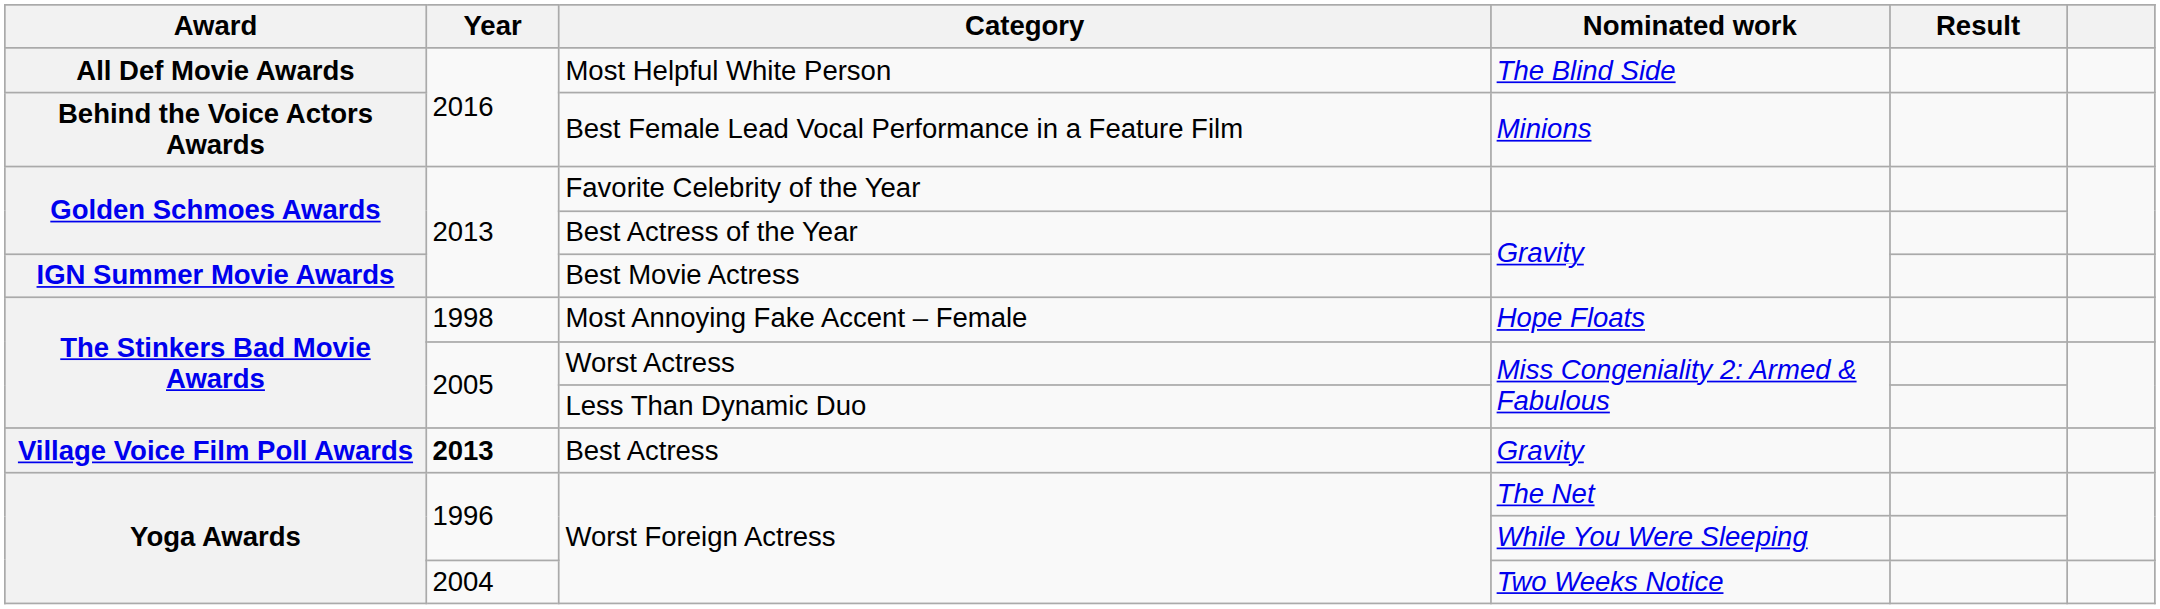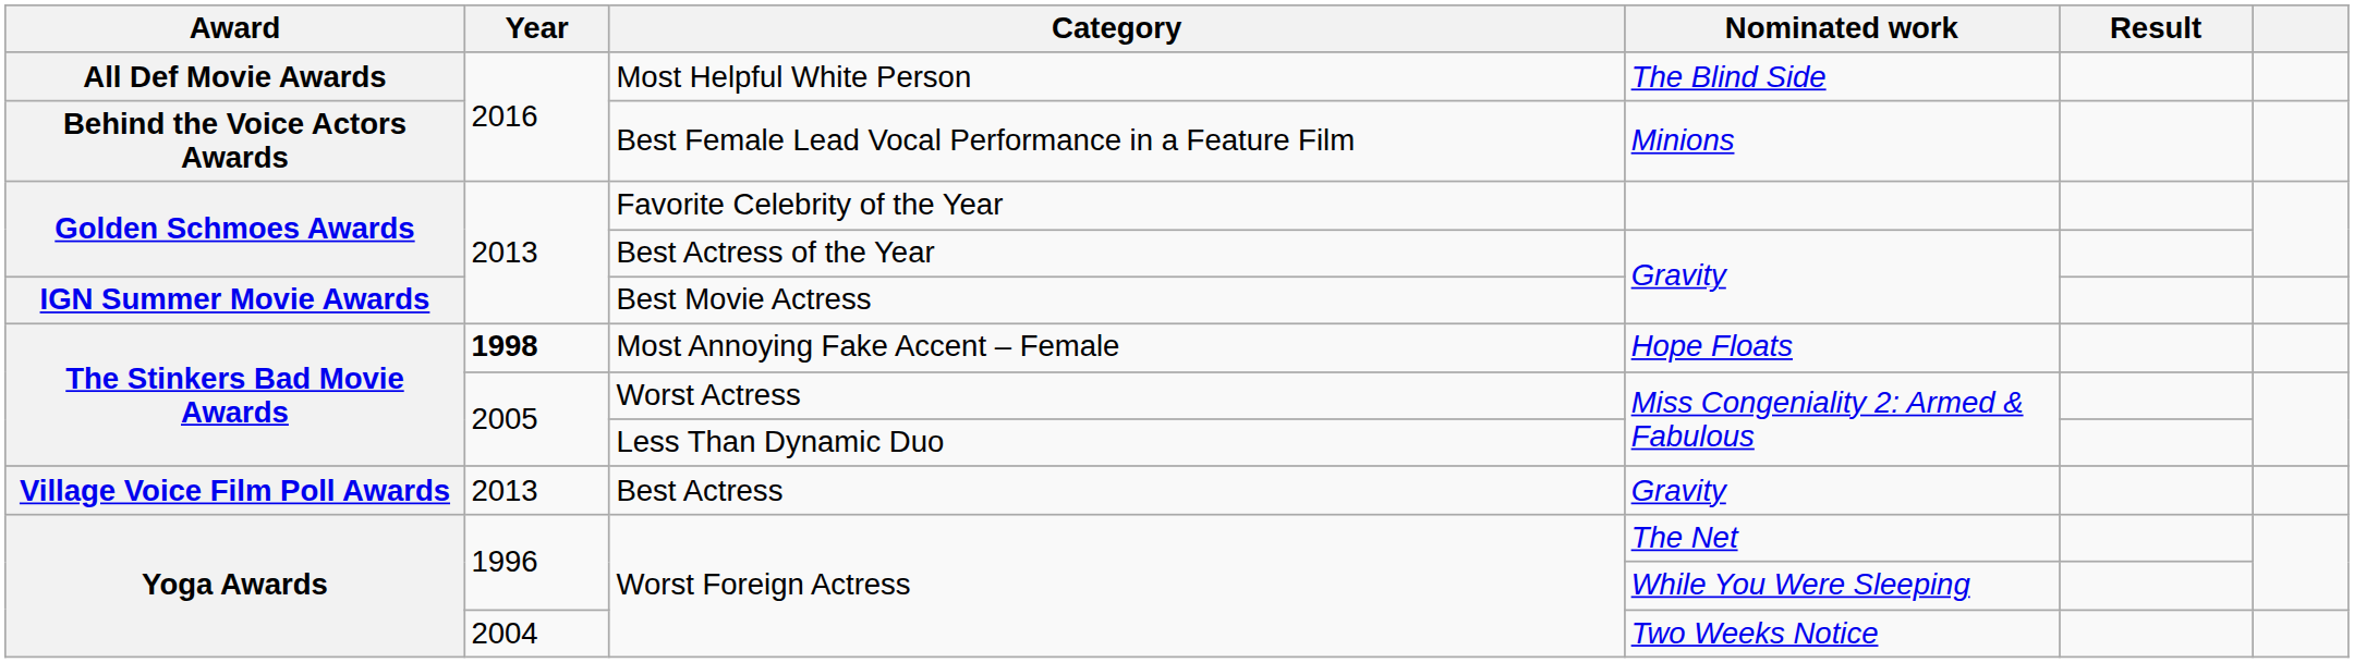 <table class="wikitable sortable plainrowheaders" style="width:99%;">
 <tr>
 <th scope="col" style="width:19%;">Award</th>
 <th scope="col" style="width:6%;">Year</th>
 <th scope="col" style="width:42%;">Category</th>
 <th scope="col" style="width:18%;">Nominated work</th>
 <th scope="col" style="width:8%;">Result</th>
 <th scope="col" style="width:4%;" class="unsortable"></th>
 </tr>
 <tr>
 <th scope="row">All Def Movie Awards</th>
 <td rowspan="2">2016</td>
 <td>Most Helpful White Person</td>
 <td><em><a href='#'>The Blind Side</a></em></td>
 <td></td>
 <td></td>
 </tr>
 <tr>
 <th scope="row">Behind the Voice Actors Awards</th>
 <td>Best Female Lead Vocal Performance in a Feature Film</td>
 <td><em><a href='#'>Minions</a></em></td>
 <td></td>
 <td></td>
 </tr>
 <tr>
 <th scope="row" rowspan="2"><a href='#'>Golden Schmoes Awards</a></th>
 <td rowspan="3">2013</td>
 <td>Favorite Celebrity of the Year</td>
 <td></td>
 <td></td>
 <td rowspan="2"></td>
 </tr>
 <tr>
 <td>Best Actress of the Year</td>
 <td rowspan="2"><em><a href='#'>Gravity</a></em></td>
 <td></td>
 </tr>
 <tr>
 <th scope="row"><a href='#'>IGN Summer Movie Awards</a></th>
 <td>Best Movie Actress</td>
 <td></td>
 <td></td>
 </tr>
 <tr>
 <th scope="row" rowspan="3"><a href='#'>The Stinkers Bad Movie Awards</a></th>
-<td>1998</td>
+<td><strong>1998</strong></td>
 <td>Most Annoying Fake Accent – Female</td>
 <td><em><a href='#'>Hope Floats</a></em></td>
 <td></td>
 <td></td>
 </tr>
 <tr>
 <td rowspan="2">2005</td>
 <td>Worst Actress</td>
 <td rowspan="2"><em><a href='#'>Miss Congeniality 2: Armed & Fabulous</a></em></td>
 <td></td>
 <td rowspan="2"></td>
 </tr>
 <tr>
 <td>Less Than Dynamic Duo</td>
 <td></td>
 </tr>
 <tr>
 <th scope="row"><a href='#'>Village Voice Film Poll Awards</a></th>
-<td><strong>2013</strong></td>
+<td>2013</td>
 <td>Best Actress</td>
 <td><em><a href='#'>Gravity</a></em></td>
 <td></td>
 <td></td>
 </tr>
 <tr>
 <th scope="row" rowspan="3">Yoga Awards</th>
 <td rowspan="2">1996</td>
 <td rowspan="3">Worst Foreign Actress</td>
 <td><em><a href='#'>The Net</a></em></td>
 <td></td>
 <td rowspan="2"></td>
 </tr>
 <tr>
 <td><em><a href='#'>While You Were Sleeping</a></em></td>
 <td></td>
 </tr>
 <tr>
 <td>2004</td>
 <td><em><a href='#'>Two Weeks Notice</a></em></td>
 <td></td>
 <td></td>
 </tr>
 </table>
